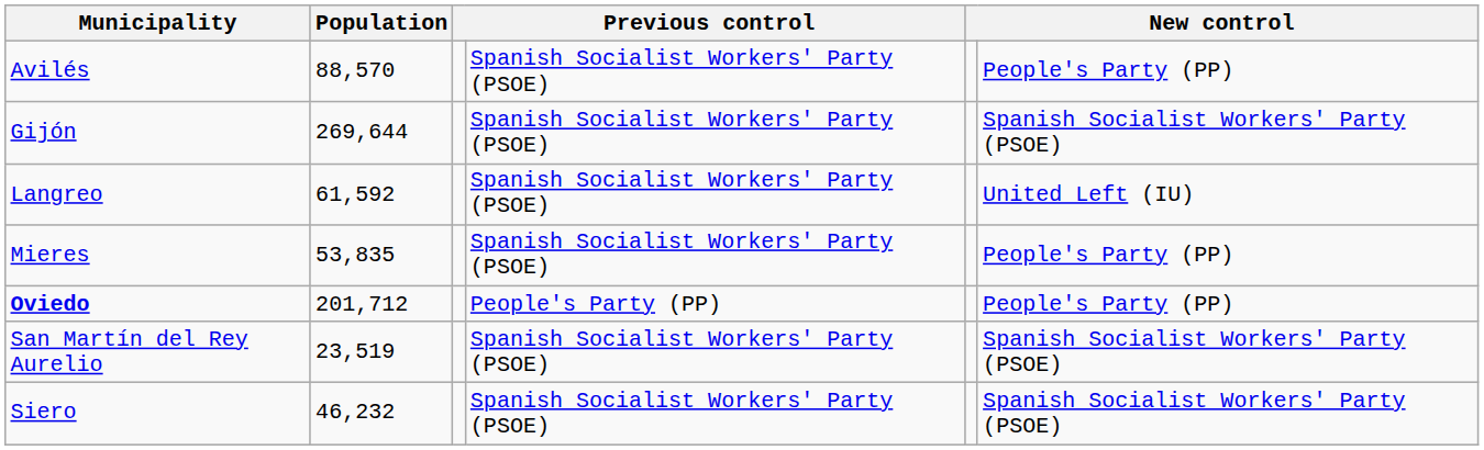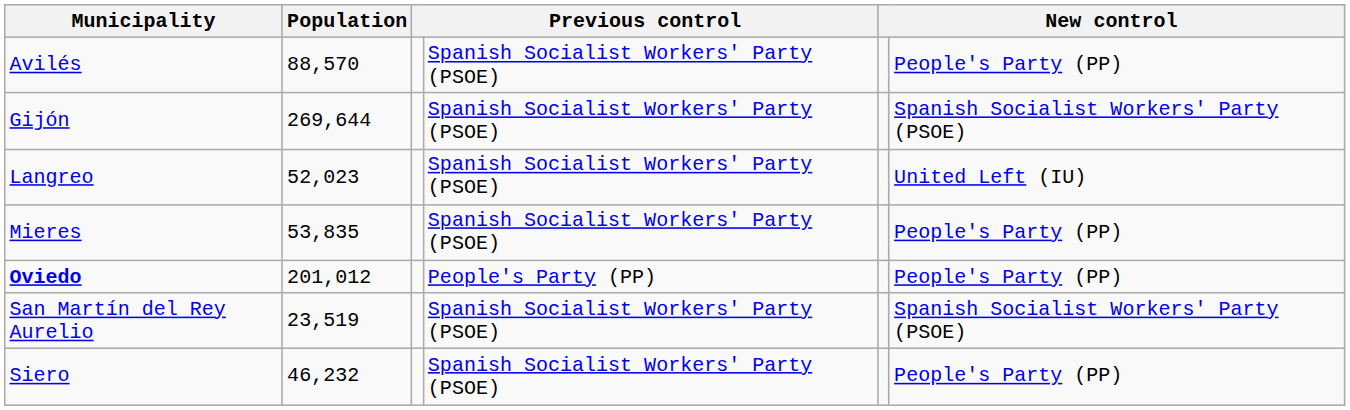 <table class="wikitable sortable">
 <tr>
 <th>Municipality</th>
 <th>Population</th>
 <th colspan="2" style="width:375px;">Previous control</th>
 <th colspan="2" style="width:375px;">New control</th>
 </tr>
 <tr>
 <td><a href='#'>Avilés</a></td>
 <td>88,570</td>
 <td width="1" style="color:inherit;background:"></td>
 <td><a href='#'>Spanish Socialist Workers' Party</a> (PSOE)</td>
 <td width="1" style="color:inherit;background:"></td>
 <td><a href='#'>People's Party</a> (PP)</td>
 </tr>
 <tr>
 <td><a href='#'>Gijón</a></td>
 <td>269,644</td>
 <td style="color:inherit;background:"></td>
 <td><a href='#'>Spanish Socialist Workers' Party</a> (PSOE)</td>
 <td style="color:inherit;background:"></td>
 <td><a href='#'>Spanish Socialist Workers' Party</a> (PSOE)</td>
 </tr>
 <tr>
 <td><a href='#'>Langreo</a></td>
-<td>61,592</td>
+<td>52,023</td>
 <td style="color:inherit;background:"></td>
 <td><a href='#'>Spanish Socialist Workers' Party</a> (PSOE)</td>
 <td style="color:inherit;background:"></td>
 <td><a href='#'>United Left</a> (IU)</td>
 </tr>
 <tr>
 <td><a href='#'>Mieres</a></td>
 <td>53,835</td>
 <td style="color:inherit;background:"></td>
 <td><a href='#'>Spanish Socialist Workers' Party</a> (PSOE)</td>
 <td style="color:inherit;background:"></td>
 <td><a href='#'>People's Party</a> (PP)</td>
 </tr>
 <tr>
 <td><strong><a href='#'>Oviedo</a></strong></td>
-<td>201,712</td>
+<td>201,012</td>
 <td style="color:inherit;background:"></td>
 <td><a href='#'>People's Party</a> (PP)</td>
 <td style="color:inherit;background:"></td>
 <td><a href='#'>People's Party</a> (PP)</td>
 </tr>
 <tr>
 <td><a href='#'>San Martín del Rey Aurelio</a></td>
 <td>23,519</td>
 <td style="color:inherit;background:"></td>
 <td><a href='#'>Spanish Socialist Workers' Party</a> (PSOE)</td>
 <td style="color:inherit;background:"></td>
 <td><a href='#'>Spanish Socialist Workers' Party</a> (PSOE)</td>
 </tr>
 <tr>
 <td><a href='#'>Siero</a></td>
 <td>46,232</td>
 <td style="color:inherit;background:"></td>
 <td><a href='#'>Spanish Socialist Workers' Party</a> (PSOE)</td>
 <td style="color:inherit;background:"></td>
-<td><a href='#'>Spanish Socialist Workers' Party</a> (PSOE)</td>
+<td><a href='#'>People's Party</a> (PP)</td>
 </tr>
 </table>
